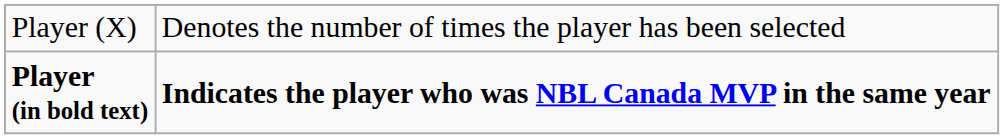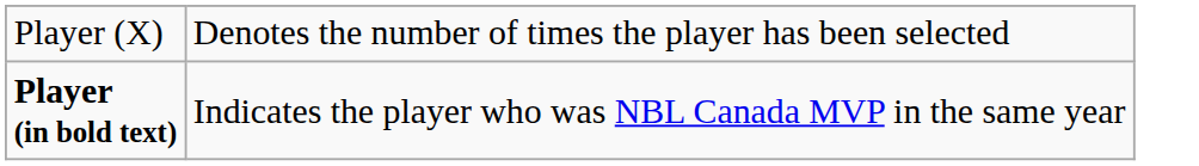 <table class="wikitable">
 <tr>
 <td>Player (X)</td>
 <td>Denotes the number of times the player has been selected</td>
 </tr>
 <tr>
 <td><strong>Player<br><small>(in bold text)</small></strong></td>
-<td><strong>Indicates the player who was <a href='#'>NBL Canada MVP</a> in the same year</strong></td>
+<td>Indicates the player who was <a href='#'>NBL Canada MVP</a> in the same year</td>
 </tr>
 </table>
